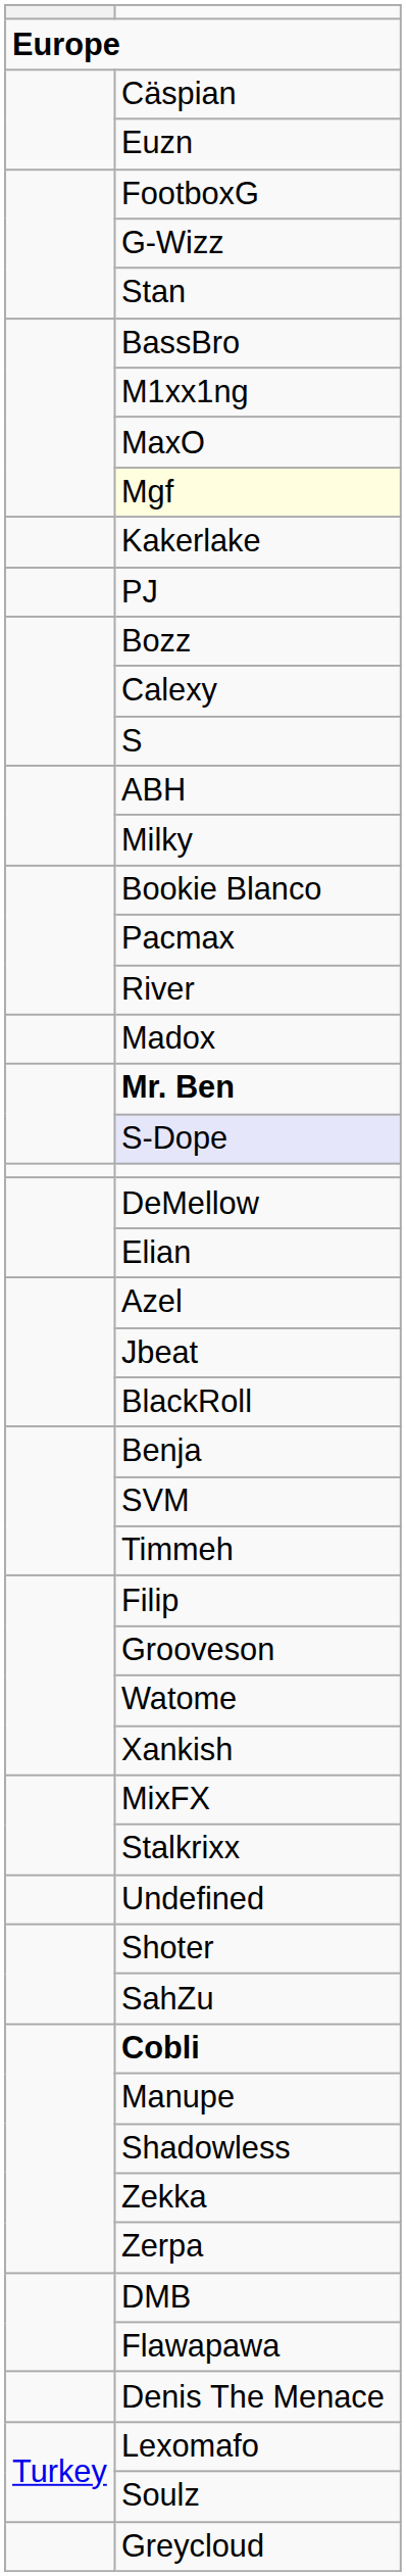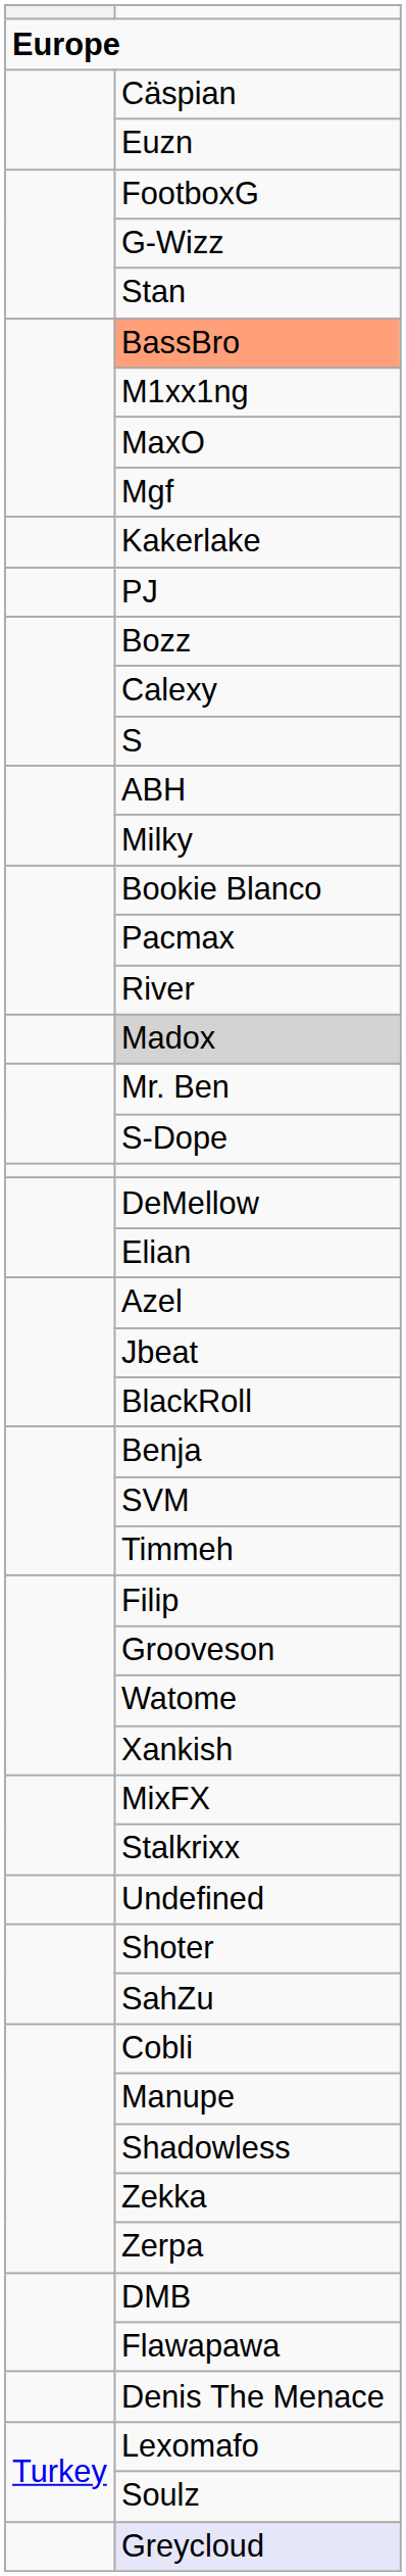 <table class="wikitable">
 <tr>
 <th></th>
 </tr>
 <tr>
 <td colspan="3"><strong>Europe</strong></td>
 </tr>
 <tr>
 <td rowspan="2"></td>
 <td>Cäspian </td>
 </tr>
 <tr>
 <td>Euzn </td>
 </tr>
 <tr>
 <td rowspan="3"></td>
 <td>FootboxG </td>
 </tr>
 <tr>
 <td>G-Wizz </td>
 </tr>
 <tr>
 <td>Stan </td>
 </tr>
 <tr>
 <td rowspan="4"></td>
-<td>BassBro </td>
+<td style="background: lightsalmon;">BassBro </td>
 </tr>
 <tr>
 <td>M1xx1ng </td>
 </tr>
 <tr>
 <td>MaxO </td>
 </tr>
 <tr>
-<td style="background: lightyellow;">Mgf </td>
+<td>Mgf </td>
 </tr>
 <tr>
 <td rowspan="1"></td>
 <td>Kakerlake </td>
 </tr>
 <tr>
 <td rowspan="1"></td>
 <td>PJ </td>
 </tr>
 <tr>
 <td rowspan="3"></td>
 <td>Bozz </td>
 </tr>
 <tr>
 <td>Calexy </td>
 </tr>
 <tr>
 <td>S </td>
 </tr>
 <tr>
 <td rowspan="2"></td>
 <td>ABH </td>
 </tr>
 <tr>
 <td>Milky </td>
 </tr>
 <tr>
 <td rowspan="3"></td>
 <td>Bookie Blanco </td>
 </tr>
 <tr>
 <td>Pacmax </td>
 </tr>
 <tr>
 <td>River </td>
 </tr>
 <tr>
 <td rowspan="1"></td>
-<td>Madox </td>
+<td style="background: lightgrey;">Madox </td>
 </tr>
 <tr>
 <td rowspan="2"></td>
-<td><strong>Mr. Ben </strong></td>
+<td>Mr. Ben </td>
 </tr>
 <tr>
-<td style="background: lavender;">S-Dope </td>
+<td>S-Dope </td>
 </tr>
 <tr>
 <td rowspan="1"></td>
 <td></td>
 </tr>
 <tr>
 <td rowspan="2"></td>
 <td>DeMellow </td>
 </tr>
 <tr>
 <td>Elian </td>
 </tr>
 <tr>
 <td rowspan="3"></td>
 <td>Azel </td>
 </tr>
 <tr>
 <td>Jbeat </td>
 </tr>
 <tr>
 <td>BlackRoll</td>
 </tr>
 <tr>
 <td rowspan="3"></td>
 <td>Benja </td>
 </tr>
 <tr>
 <td>SVM </td>
 </tr>
 <tr>
 <td>Timmeh </td>
 </tr>
 <tr>
 <td rowspan="4"></td>
 <td>Filip </td>
 </tr>
 <tr>
 <td>Grooveson </td>
 </tr>
 <tr>
 <td>Watome </td>
 </tr>
 <tr>
 <td>Xankish </td>
 </tr>
 <tr>
 <td rowspan="2"></td>
 <td>MixFX </td>
 </tr>
 <tr>
 <td>Stalkrixx </td>
 </tr>
 <tr>
 <td rowspan="1"></td>
 <td>Undefined </td>
 </tr>
 <tr>
 <td rowspan="2"></td>
 <td>Shoter </td>
 </tr>
 <tr>
 <td>SahZu</td>
 </tr>
 <tr>
 <td rowspan="5"></td>
-<td><strong>Cobli </strong></td>
+<td>Cobli </td>
 </tr>
 <tr>
 <td>Manupe </td>
 </tr>
 <tr>
 <td>Shadowless </td>
 </tr>
 <tr>
 <td>Zekka </td>
 </tr>
 <tr>
 <td>Zerpa </td>
 </tr>
 <tr>
 <td rowspan="2"></td>
 <td>DMB </td>
 </tr>
 <tr>
 <td>Flawapawa </td>
 </tr>
 <tr>
 <td rowspan="1"></td>
 <td>Denis The Menace </td>
 </tr>
 <tr>
 <td rowspan="2"> <a href='#'>Turkey</a></td>
 <td>Lexomafo </td>
 </tr>
 <tr>
 <td>Soulz </td>
 </tr>
 <tr>
 <td rowspan="1"></td>
-<td>Greycloud </td>
+<td style="background: lavender;">Greycloud </td>
 </tr>
 </table>
